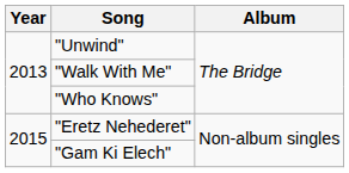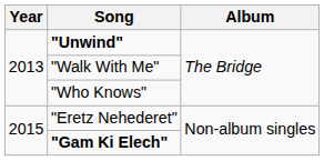 <table class="wikitable">
 <tr>
 <th>Year</th>
 <th>Song</th>
 <th>Album</th>
 </tr>
 <tr>
 <td rowspan="3">2013</td>
-<td>"Unwind"</td>
+<td><strong>"Unwind"</strong></td>
 <td rowspan="3"><em>The Bridge</em></td>
 </tr>
 <tr>
 <td>"Walk With Me"</td>
 </tr>
 <tr>
 <td>"Who Knows"</td>
 </tr>
 <tr>
 <td rowspan="2">2015</td>
 <td>"Eretz Nehederet"</td>
 <td rowspan="2">Non-album singles</td>
 </tr>
 <tr>
-<td>"Gam Ki Elech"</td>
+<td><strong>"Gam Ki Elech"</strong></td>
 </tr>
 </table>
